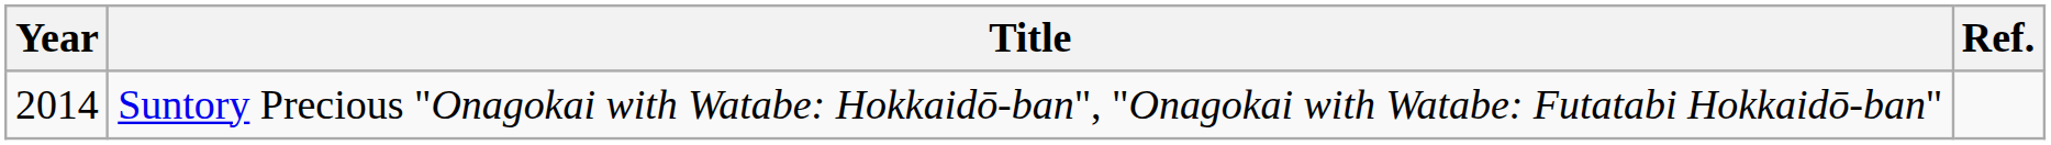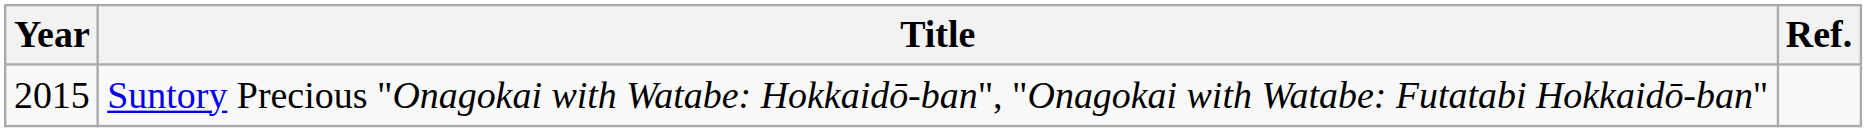 <table class="wikitable">
 <tr>
 <th>Year</th>
 <th>Title</th>
 <th>Ref.</th>
 </tr>
 <tr>
-<td>2014</td>
+<td>2015</td>
 <td><a href='#'>Suntory</a> Precious "<em>Onagokai with Watabe: Hokkaidō-ban</em>", "<em>Onagokai with Watabe: Futatabi Hokkaidō-ban</em>"</td>
 <td></td>
 </tr>
 </table>
